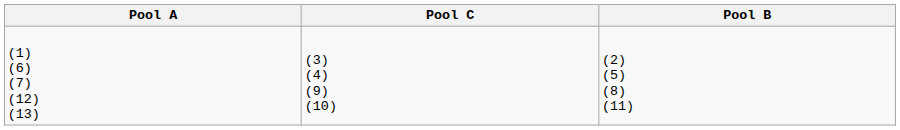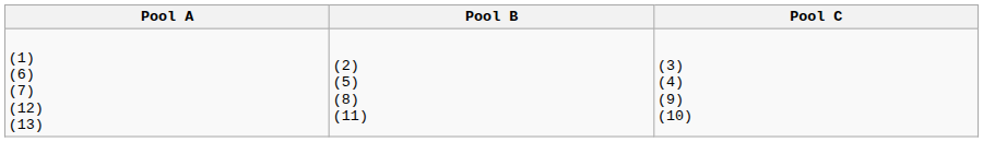 <table class="wikitable" width=98%>
 <tr>
 <th width=33%><strong>Pool A</strong></th>
+<th width=33%><strong>Pool B</strong></th>
 <th width=33%><strong>Pool C</strong></th>
-<th width=33%><strong>Pool B</strong></th>
 </tr>
 <tr>
 <td><br> (1) <br>  (6) <br>  (7) <br>  (12) <br>  (13)</td>
+<td><br> (2) <br>  (5)<br>   (8)<br>   (11)</td>
 <td><br> (3) <br>   (4) <br>   (9) <br>   (10)</td>
-<td><br> (2) <br>  (5)<br>   (8)<br>   (11)</td>
 </tr>
 </table>
